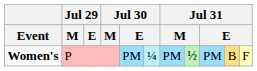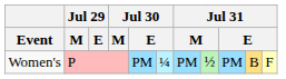 <table class="wikitable olympic-schedule Rugby Sevens">
 <tr>
 <th></th>
 <th colspan="2">Jul 29</th>
 <th colspan="3">Jul 30</th>
 <th colspan="7">Jul 31</th>
 </tr>
 <tr>
 <th>Event</th>
 <th>M</th>
 <th>E</th>
 <th>M</th>
 <th colspan="2">E</th>
 <th colspan="2">M</th>
 <th colspan="4">E</th>
 </tr>
 <tr>
-<td class="event"><strong>Women's</strong></td>
+<td class="event">Women's</td>
 <td colspan="3" bgcolor="#FFBBBB" class="pool stage">P</td>
 <td bgcolor="#97DEFF" class="placingmatches">PM</td>
 <td bgcolor="#BBF3FF" class="quarterfinals">¼</td>
 <td bgcolor="#97DEFF" class="placingmatches">PM</td>
 <td bgcolor="#BBF3BB" class="semifinal">½</td>
 <td bgcolor="#97DEFF" class="placingmatches">PM</td>
 <td style="background-color:#FFDF80;">B</td>
 <td style="background-color:#FFFFBB;">F</td>
 </tr>
 </table>
